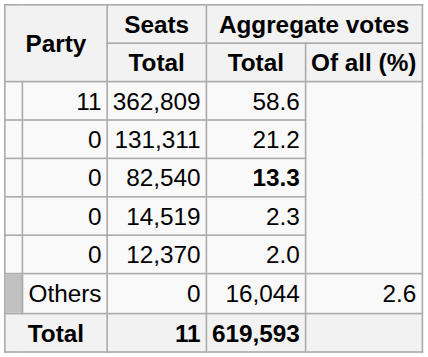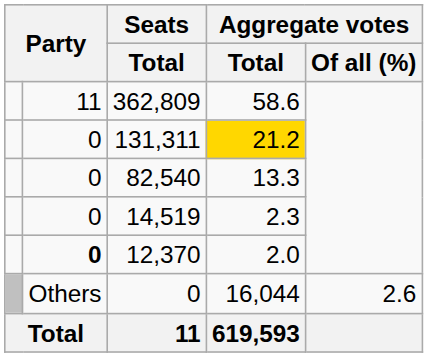 <table class="wikitable" style="text-align:right; font-size:95%;">
 <tr>
 <th colspan="2" rowspan="2">Party</th>
 <th>Seats</th>
 <th colspan="2">Aggregate votes</th>
 </tr>
 <tr>
 <th>Total</th>
 <th>Total</th>
 <th>Of all (%)</th>
 </tr>
 <tr>
 <td></td>
 <td>11</td>
 <td>362,809</td>
 <td>58.6</td>
 </tr>
 <tr>
 <td></td>
 <td>0</td>
 <td>131,311</td>
-<td>21.2</td>
+<td style="background: gold;">21.2</td>
 </tr>
 <tr>
 <td></td>
 <td>0</td>
 <td>82,540</td>
-<td><strong>13.3</strong></td>
+<td>13.3</td>
 </tr>
 <tr>
 <td></td>
 <td>0</td>
 <td>14,519</td>
 <td>2.3</td>
 </tr>
 <tr>
 <td></td>
-<td>0</td>
+<td><strong>0</strong></td>
 <td>12,370</td>
 <td>2.0</td>
 </tr>
 <tr>
 <td style="background:silver;"> </td>
 <td align=left>Others</td>
 <td>0</td>
 <td>16,044</td>
 <td>2.6</td>
 </tr>
 <tr>
 <th colspan="2" style="background:#f2f2f2"><strong>Total</strong></th>
 <td style="background:#f2f2f2;"><strong>11</strong></td>
 <td style="background:#f2f2f2;"><strong>619,593</strong></td>
 <td style="background:#f2f2f2;"></td>
 </tr>
 </table>
